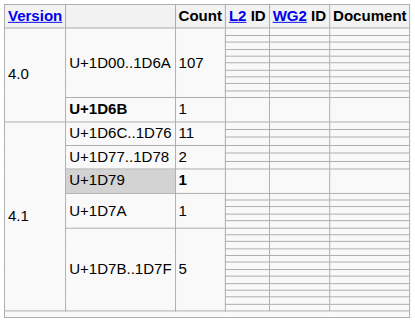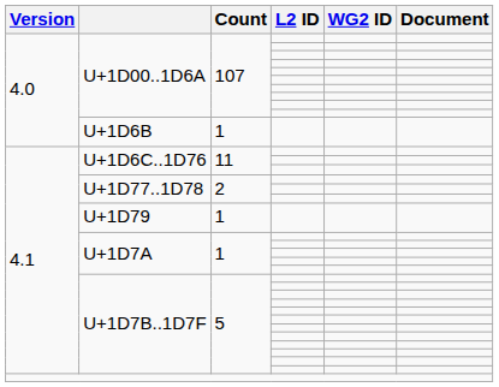 <table class="wikitable collapsible sticky-header">
 <tr>
 <th><a href='#'>Version</a></th>
 <th></th>
 <th>Count</th>
 <th><a href='#'>L2</a> ID</th>
 <th><a href='#'>WG2</a> ID</th>
 <th>Document</th>
 </tr>
 <tr>
 <td rowspan="11">4.0</td>
 <td rowspan="10">U+1D00..1D6A</td>
 <td rowspan="10">107</td>
 <td></td>
 <td></td>
 <td></td>
 </tr>
 <tr>
 <td></td>
 <td></td>
 <td></td>
 </tr>
 <tr>
 <td></td>
 <td></td>
 <td></td>
 </tr>
 <tr>
 <td></td>
 <td></td>
 <td></td>
 </tr>
 <tr>
 <td></td>
 <td></td>
 <td></td>
 </tr>
 <tr>
 <td></td>
 <td></td>
 <td></td>
 </tr>
 <tr>
 <td></td>
 <td></td>
 <td></td>
 </tr>
 <tr>
 <td></td>
 <td></td>
 <td></td>
 </tr>
 <tr>
 <td></td>
 <td></td>
 <td></td>
 </tr>
 <tr>
 <td></td>
 <td></td>
 <td></td>
 </tr>
 <tr>
-<td><strong>U+1D6B</strong></td>
+<td>U+1D6B</td>
 <td>1</td>
 <td></td>
 <td></td>
 <td></td>
 </tr>
 <tr>
 <td rowspan="24">4.1</td>
 <td rowspan="3">U+1D6C..1D76</td>
 <td rowspan="3">11</td>
 <td></td>
 <td></td>
 <td></td>
 </tr>
 <tr>
 <td></td>
 <td></td>
 <td></td>
 </tr>
 <tr>
 <td></td>
 <td></td>
 <td></td>
 </tr>
 <tr>
 <td rowspan="3">U+1D77..1D78</td>
 <td rowspan="3">2</td>
 <td></td>
 <td></td>
 <td></td>
 </tr>
 <tr>
 <td></td>
 <td></td>
 <td></td>
 </tr>
 <tr>
 <td></td>
 <td></td>
 <td></td>
 </tr>
 <tr>
-<td style="background: lightgrey;">U+1D79</td>
-<td><strong>1</strong></td>
+<td>U+1D79</td>
+<td>1</td>
 <td></td>
 <td></td>
 <td></td>
 </tr>
 <tr>
 <td rowspan="5">U+1D7A</td>
 <td rowspan="5">1</td>
 <td></td>
 <td></td>
 <td></td>
 </tr>
 <tr>
 <td></td>
 <td></td>
 <td></td>
 </tr>
 <tr>
 <td></td>
 <td></td>
 <td></td>
 </tr>
 <tr>
 <td></td>
 <td></td>
 <td></td>
 </tr>
 <tr>
 <td></td>
 <td></td>
 <td></td>
 </tr>
 <tr>
 <td rowspan="12">U+1D7B..1D7F</td>
 <td rowspan="12">5</td>
 <td></td>
 <td></td>
 <td></td>
 </tr>
 <tr>
 <td></td>
 <td></td>
 <td></td>
 </tr>
 <tr>
 <td></td>
 <td></td>
 <td></td>
 </tr>
 <tr>
 <td></td>
 <td></td>
 <td></td>
 </tr>
 <tr>
 <td></td>
 <td></td>
 <td></td>
 </tr>
 <tr>
 <td></td>
 <td></td>
 <td></td>
 </tr>
 <tr>
 <td></td>
 <td></td>
 <td></td>
 </tr>
 <tr>
 <td></td>
 <td></td>
 <td></td>
 </tr>
 <tr>
 <td></td>
 <td></td>
 <td></td>
 </tr>
 <tr>
 <td></td>
 <td></td>
 <td></td>
 </tr>
 <tr>
 <td></td>
 <td></td>
 <td></td>
 </tr>
 <tr>
 <td></td>
 <td></td>
 <td></td>
 </tr>
 <tr class="sortbottom">
 <td colspan="6"></td>
 </tr>
 </table>
